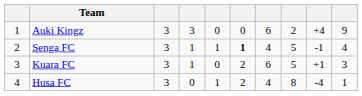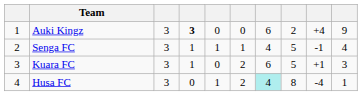 <table class="wikitable" style="text-align: center;">
 <tr>
 <th width="30"></th>
 <th width="175">Team</th>
 <th width="30"></th>
 <th width="30"></th>
 <th width="30"></th>
 <th width="30"></th>
 <th width="30"></th>
 <th width="30"></th>
 <th width="30"></th>
 <th width="30"></th>
 </tr>
 <tr>
 <td>1</td>
 <td align="left"><a href='#'>Auki Kingz</a></td>
 <td>3</td>
-<td>3</td>
+<td><strong>3</strong></td>
 <td>0</td>
 <td>0</td>
 <td>6</td>
 <td>2</td>
 <td>+4</td>
 <td>9</td>
 </tr>
 <tr>
 <td>2</td>
 <td align="left"><a href='#'>Senga FC</a></td>
 <td>3</td>
 <td>1</td>
 <td>1</td>
-<td><strong>1</strong></td>
+<td>1</td>
 <td>4</td>
 <td>5</td>
 <td>-1</td>
 <td>4</td>
 </tr>
 <tr>
 <td>3</td>
 <td align="left"><a href='#'>Kuara FC</a></td>
 <td>3</td>
 <td>1</td>
 <td>0</td>
 <td>2</td>
 <td>6</td>
 <td>5</td>
 <td>+1</td>
 <td>3</td>
 </tr>
 <tr>
 <td>4</td>
 <td align="left"><a href='#'>Husa FC</a></td>
 <td>3</td>
 <td>0</td>
 <td>1</td>
 <td>2</td>
-<td>4</td>
+<td style="background: paleturquoise;">4</td>
 <td>8</td>
 <td>-4</td>
 <td>1</td>
 </tr>
 </table>
